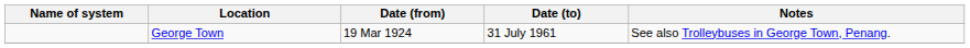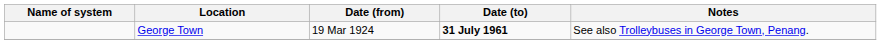 <table class="wikitable" width=100%>
 <tr>
 <th width=15%>Name of system</th>
 <th width=20%>Location</th>
 <th width=15%>Date (from)</th>
 <th width=15%>Date (to)</th>
 <th width=35%>Notes</th>
 </tr>
 <tr>
 <td> </td>
 <td><a href='#'>George Town</a></td>
 <td>19 Mar 1924</td>
-<td>31 July 1961</td>
+<td><strong>31 July 1961</strong></td>
 <td>See also <a href='#'>Trolleybuses in George Town, Penang</a>.</td>
 </tr>
 <tr>
 </tr>
 </table>
